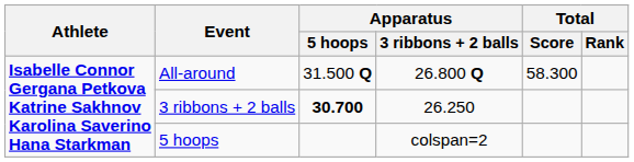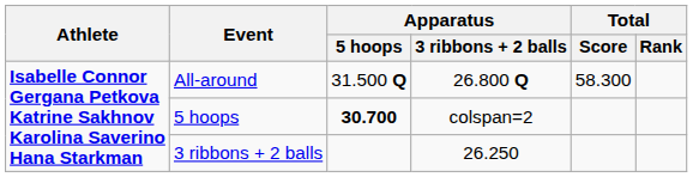 <table class=wikitable style=font-size:90%;text-align:center>
 <tr>
 <th rowspan=2>Athlete</th>
 <th rowspan=2>Event</th>
 <th colspan=2>Apparatus</th>
 <th colspan=2>Total</th>
 </tr>
 <tr style=font-size:95%>
 <th>5 hoops</th>
 <th>3 ribbons + 2 balls</th>
 <th>Score</th>
 <th>Rank</th>
 </tr>
 <tr>
 <td align=left rowspan=3><strong><a href='#'>Isabelle Connor</a><br><a href='#'>Gergana Petkova</a><br><a href='#'>Katrine Sakhnov</a><br><a href='#'>Karolina Saverino</a><br><a href='#'>Hana Starkman</a></strong></td>
 <td align=left><a href='#'>All-around</a></td>
 <td>31.500 <strong>Q</strong></td>
 <td>26.800 <strong>Q</strong></td>
 <td>58.300</td>
 <td></td>
 </tr>
 <tr>
-<td align=left><a href='#'>3 ribbons + 2 balls</a></td>
+<td align=left><a href='#'>5 hoops</a></td>
 <td><strong>30.700</strong></td>
-<td>26.250</td>
+<td>colspan=2 </td>
 <td></td>
 </tr>
 <tr>
-<td align=left><a href='#'>5 hoops</a></td>
+<td align=left><a href='#'>3 ribbons + 2 balls</a></td>
 <td></td>
-<td>colspan=2 </td>
+<td>26.250</td>
 <td></td>
 <td></td>
 </tr>
 </table>
